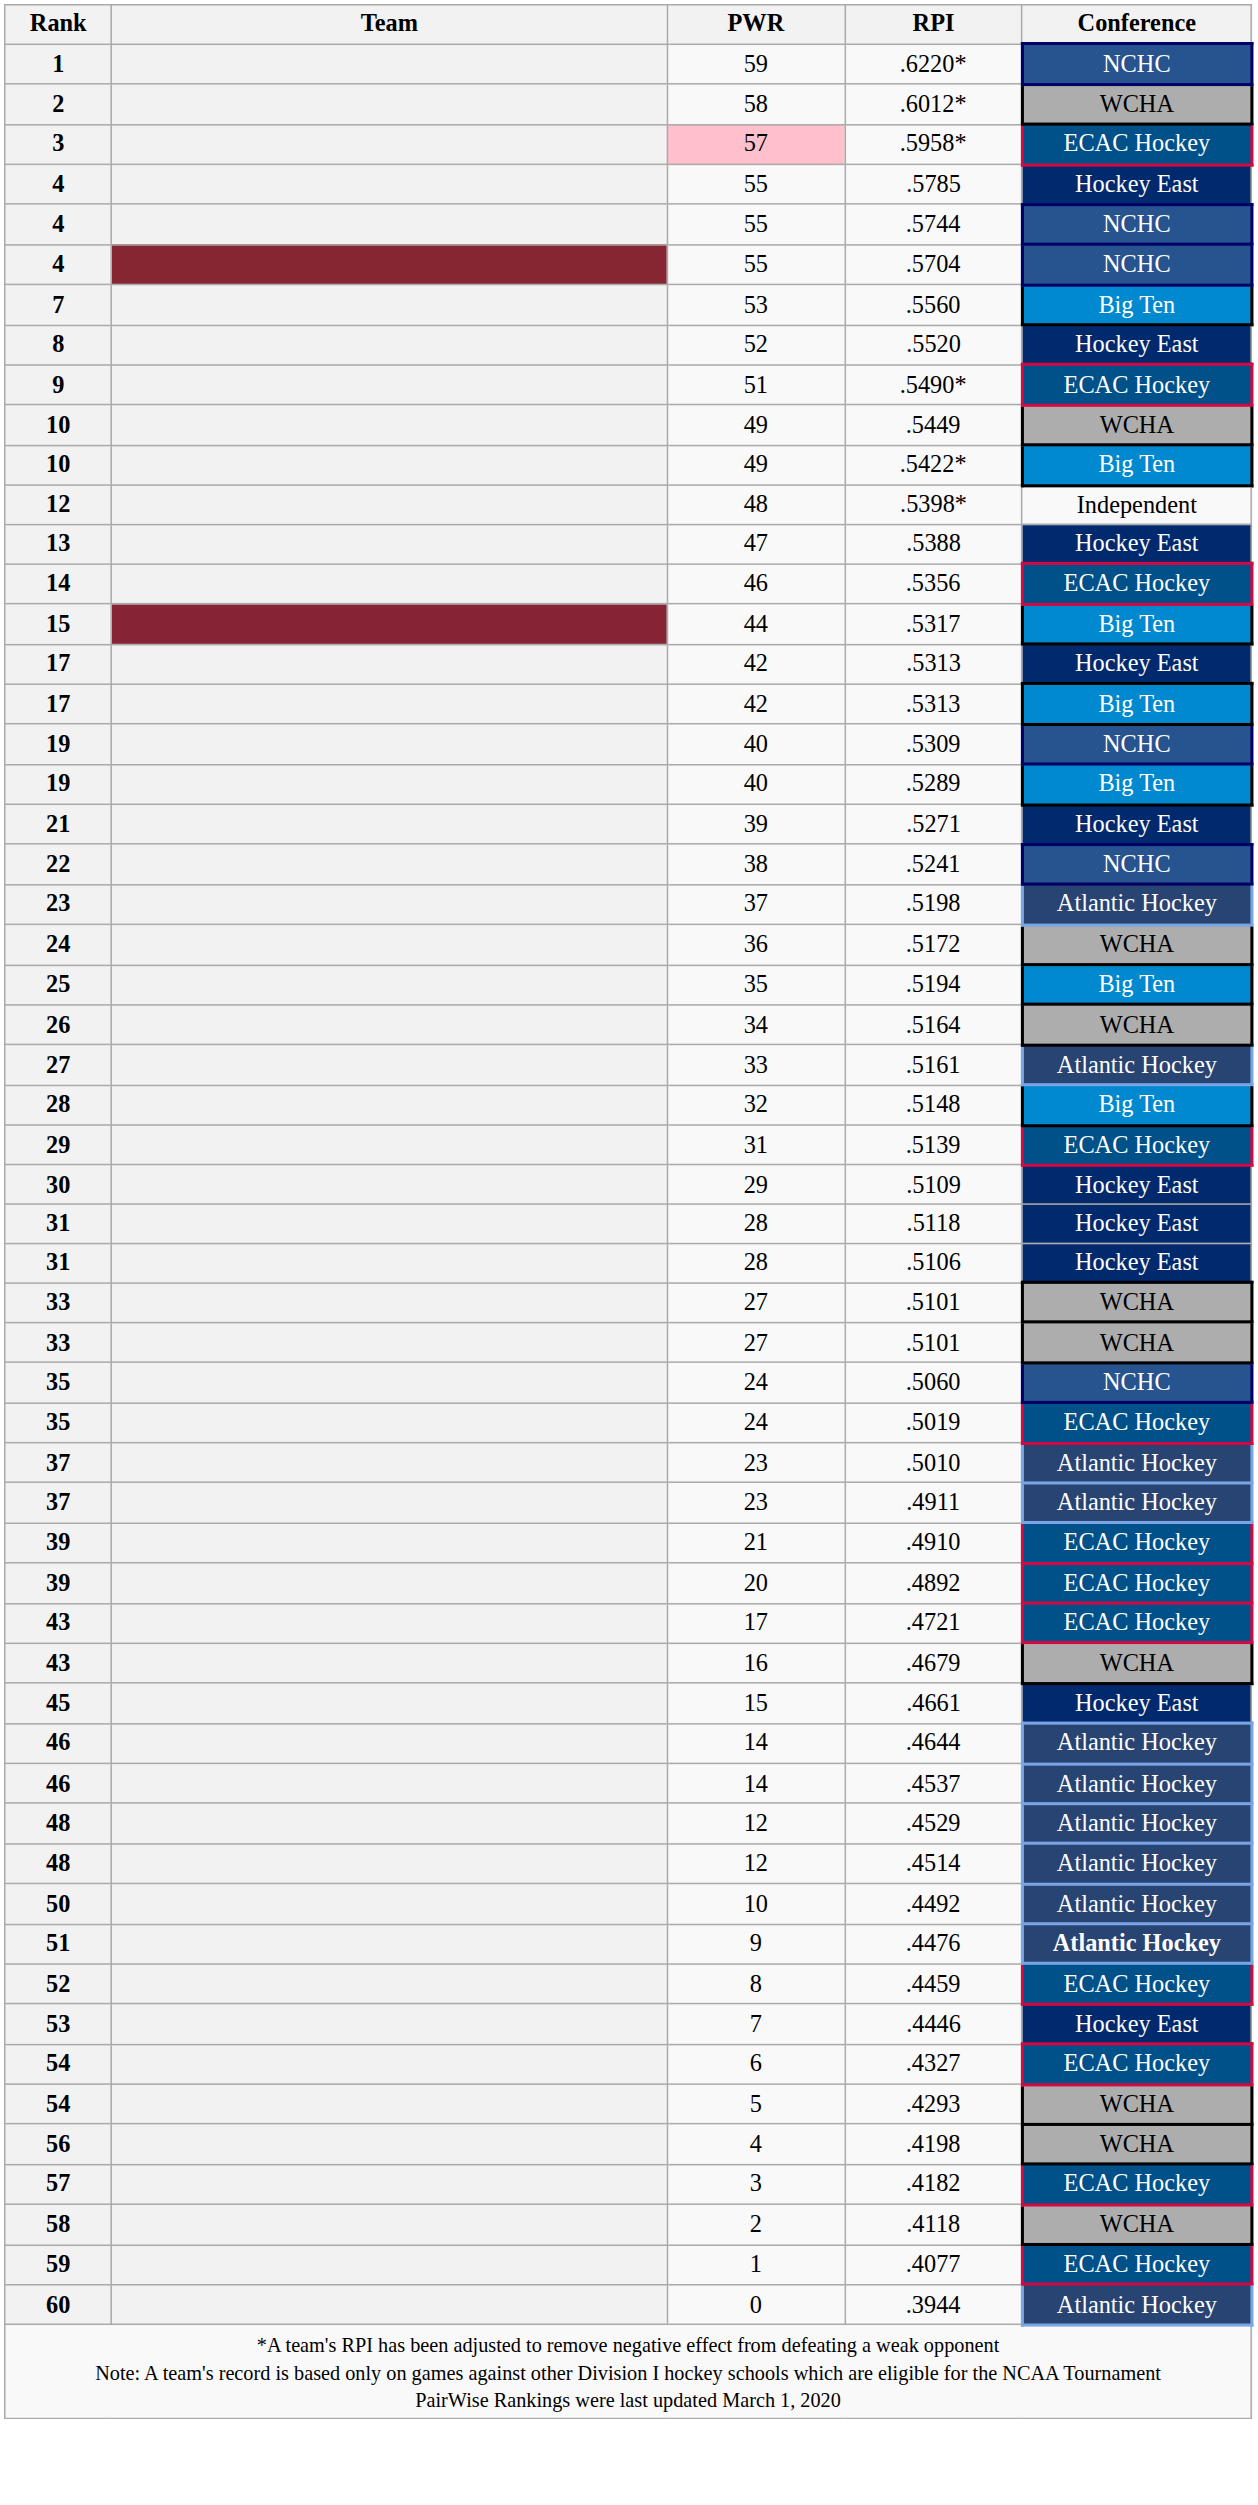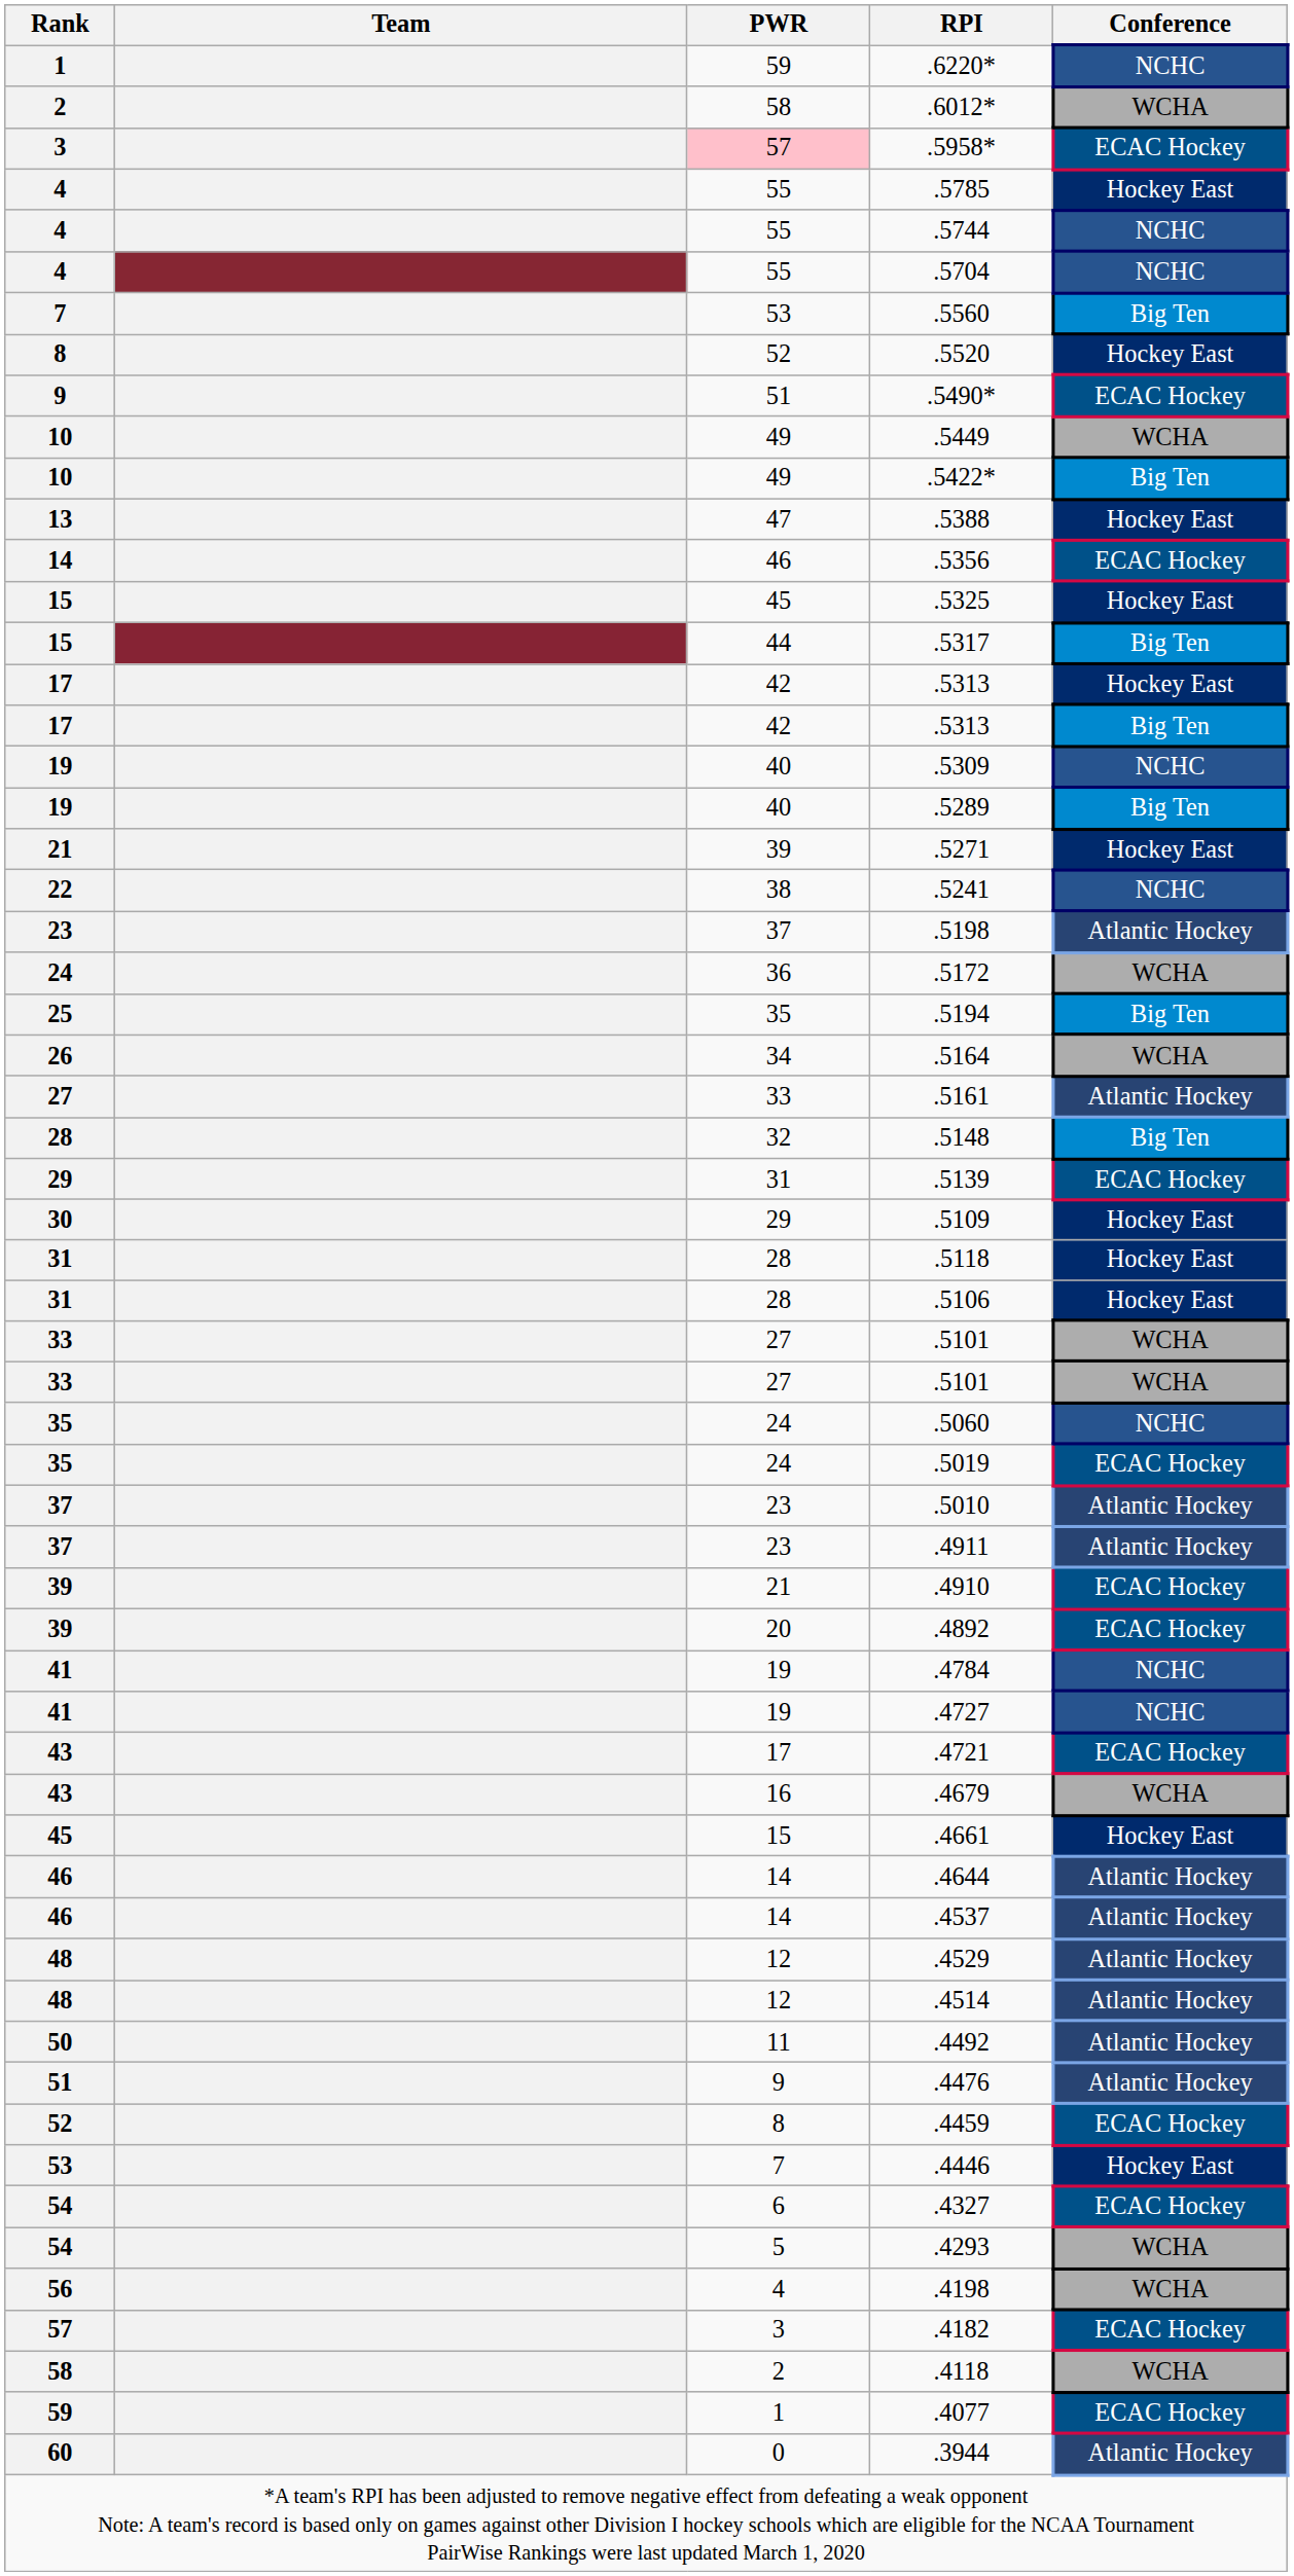 <table class="wikitable sortable" style="text-align: center;" width=65%>
 <tr>
 <th ! width="4%">Rank</th>
 <th ! width="25%">Team</th>
 <th ! width="8%">PWR</th>
 <th ! width="8%">RPI</th>
 <th ! width="10%">Conference</th>
 </tr>
 <tr>
 <th>1</th>
 <th align=center><strong><a href='#'></a></strong></th>
 <td>59</td>
 <td>.6220*</td>
 <td style="background:#27548F; color:#FFFFFF; border: 2px solid #000066">NCHC</td>
 </tr>
 <tr>
 <th>2</th>
 <th align=center><strong><a href='#'></a></strong></th>
 <td>58</td>
 <td>.6012*</td>
 <td style="background:#ADADAD; color:#000000; border: 2px solid #000000">WCHA</td>
 </tr>
 <tr>
 <th>3</th>
 <th align=center><strong><a href='#'></a></strong></th>
 <td style="background: pink;">57</td>
 <td>.5958*</td>
 <td style="background:#005189; color:#FFFFFF; border: 2px solid #D40843">ECAC Hockey</td>
 </tr>
 <tr>
 <th>4</th>
 <th align=center><strong><a href='#'></a></strong></th>
 <td>55</td>
 <td>.5785</td>
 <td style="background:#002A6D; color:#FFFFFF">Hockey East</td>
 </tr>
 <tr>
 <th>4</th>
 <th align=center><strong><a href='#'></a></strong></th>
 <td>55</td>
 <td>.5744</td>
 <td style="background:#27548F; color:#FFFFFF; border: 2px solid #000066">NCHC</td>
 </tr>
 <tr>
 <th>4</th>
 <th align=center style="color:white; background:#862633; "><strong><a href='#'></a></strong></th>
 <td>55</td>
 <td>.5704</td>
 <td style="background:#27548F; color:#FFFFFF; border: 2px solid #000066">NCHC</td>
 </tr>
 <tr>
 <th>7</th>
 <th align=center><strong><a href='#'></a></strong></th>
 <td>53</td>
 <td>.5560</td>
 <td style="background:#0089CF; color:#FFFFFF; border: 2px solid #000000">Big Ten</td>
 </tr>
 <tr>
 <th>8</th>
 <th align=center><strong><a href='#'></a></strong></th>
 <td>52</td>
 <td>.5520</td>
 <td style="background:#002A6D; color:#FFFFFF">Hockey East</td>
 </tr>
 <tr>
 <th>9</th>
 <th align=center><strong><a href='#'></a></strong></th>
 <td>51</td>
 <td>.5490*</td>
 <td style="background:#005189; color:#FFFFFF; border: 2px solid #D40843">ECAC Hockey</td>
 </tr>
 <tr>
 <th>10</th>
 <th align=center><strong><a href='#'></a></strong></th>
 <td>49</td>
 <td>.5449</td>
 <td style="background:#ADADAD; color:#000000; border: 2px solid #000000">WCHA</td>
 </tr>
 <tr>
 <th>10</th>
 <th align=center><strong><a href='#'></a></strong></th>
 <td>49</td>
 <td>.5422*</td>
 <td style="background:#0089CF; color:#FFFFFF; border: 2px solid #000000">Big Ten</td>
 </tr>
 <tr>
-<th>12</th>
-<th align=center><strong><a href='#'></a></strong></th>
-<td>48</td>
-<td>.5398*</td>
-<td>Independent</td>
-</tr>
-<tr>
 <th>13</th>
 <th align=center><strong><a href='#'></a></strong></th>
 <td>47</td>
 <td>.5388</td>
 <td style="background:#002A6D; color:#FFFFFF">Hockey East</td>
 </tr>
 <tr>
 <th>14</th>
 <th align=center><strong><a href='#'></a></strong></th>
 <td>46</td>
 <td>.5356</td>
 <td style="background:#005189; color:#FFFFFF; border: 2px solid #D40843">ECAC Hockey</td>
+</tr>
+<tr>
+<th>15</th>
+<th align=center><strong><a href='#'></a></strong></th>
+<td>45</td>
+<td>.5325</td>
+<td style="background:#002A6D; color:#FFFFFF">Hockey East</td>
 </tr>
 <tr>
 <th>15</th>
 <th align=center style="color:white; background:#862334; "><strong><a href='#'></a></strong></th>
 <td>44</td>
 <td>.5317</td>
 <td style="background:#0089CF; color:#FFFFFF; border: 2px solid #000000">Big Ten</td>
 </tr>
 <tr>
 <th>17</th>
 <th align=center><strong><a href='#'></a></strong></th>
 <td>42</td>
 <td>.5313</td>
 <td style="background:#002A6D; color:#FFFFFF">Hockey East</td>
 </tr>
 <tr>
 <th>17</th>
 <th align=center><strong><a href='#'></a></strong></th>
 <td>42</td>
 <td>.5313</td>
 <td style="background:#0089CF; color:#FFFFFF; border: 2px solid #000000">Big Ten</td>
 </tr>
 <tr>
 <th>19</th>
 <th align=center><strong><a href='#'></a></strong></th>
 <td>40</td>
 <td>.5309</td>
 <td style="background:#27548F; color:#FFFFFF; border: 2px solid #000066">NCHC</td>
 </tr>
 <tr>
 <th>19</th>
 <th align=center><strong><a href='#'></a></strong></th>
 <td>40</td>
 <td>.5289</td>
 <td style="background:#0089CF; color:#FFFFFF; border: 2px solid #000000">Big Ten</td>
 </tr>
 <tr>
 <th>21</th>
 <th align=center><strong><a href='#'></a></strong></th>
 <td>39</td>
 <td>.5271</td>
 <td style="background:#002A6D; color:#FFFFFF">Hockey East</td>
 </tr>
 <tr>
 <th>22</th>
 <th align=center><strong><a href='#'></a></strong></th>
 <td>38</td>
 <td>.5241</td>
 <td style="background:#27548F; color:#FFFFFF; border: 2px solid #000066">NCHC</td>
 </tr>
 <tr>
 <th>23</th>
 <th align=center><strong><a href='#'></a></strong></th>
 <td>37</td>
 <td>.5198</td>
 <td style="background:#284473; color:#FFFFFF; border: 2px solid #7AA5E5">Atlantic Hockey</td>
 </tr>
 <tr>
 <th>24</th>
 <th align=center><strong><a href='#'></a></strong></th>
 <td>36</td>
 <td>.5172</td>
 <td style="background:#ADADAD; color:#000000; border: 2px solid #000000">WCHA</td>
 </tr>
 <tr>
 <th>25</th>
 <th align=center><strong><a href='#'></a></strong></th>
 <td>35</td>
 <td>.5194</td>
 <td style="background:#0089CF; color:#FFFFFF; border: 2px solid #000000">Big Ten</td>
 </tr>
 <tr>
 <th>26</th>
 <th align=center><strong><a href='#'></a></strong></th>
 <td>34</td>
 <td>.5164</td>
 <td style="background:#ADADAD; color:#000000; border: 2px solid #000000">WCHA</td>
 </tr>
 <tr>
 <th>27</th>
 <th align=center><strong><a href='#'></a></strong></th>
 <td>33</td>
 <td>.5161</td>
 <td style="background:#284473; color:#FFFFFF; border: 2px solid #7AA5E5">Atlantic Hockey</td>
 </tr>
 <tr>
 <th>28</th>
 <th align=center><strong><a href='#'></a></strong></th>
 <td>32</td>
 <td>.5148</td>
 <td style="background:#0089CF; color:#FFFFFF; border: 2px solid #000000">Big Ten</td>
 </tr>
 <tr>
 <th>29</th>
 <th align=center><strong><a href='#'></a></strong></th>
 <td>31</td>
 <td>.5139</td>
 <td style="background:#005189; color:#FFFFFF; border: 2px solid #D40843">ECAC Hockey</td>
 </tr>
 <tr>
 <th>30</th>
 <th align=center><strong><a href='#'></a></strong></th>
 <td>29</td>
 <td>.5109</td>
 <td style="background:#002A6D; color:#FFFFFF">Hockey East</td>
 </tr>
 <tr>
 <th>31</th>
 <th align=center><strong><a href='#'></a></strong></th>
 <td>28</td>
 <td>.5118</td>
 <td style="background:#002A6D; color:#FFFFFF">Hockey East</td>
 </tr>
 <tr>
 <th>31</th>
 <th align=center><strong><a href='#'></a></strong></th>
 <td>28</td>
 <td>.5106</td>
 <td style="background:#002A6D; color:#FFFFFF">Hockey East</td>
 </tr>
 <tr>
 <th>33</th>
 <th align=center><strong><a href='#'></a></strong></th>
 <td>27</td>
 <td>.5101</td>
 <td style="background:#ADADAD; color:#000000; border: 2px solid #000000">WCHA</td>
 </tr>
 <tr>
 <th>33</th>
 <th align=center><strong><a href='#'></a></strong></th>
 <td>27</td>
 <td>.5101</td>
 <td style="background:#ADADAD; color:#000000; border: 2px solid #000000">WCHA</td>
 </tr>
 <tr>
 <th>35</th>
 <th align=center><strong><a href='#'></a></strong></th>
 <td>24</td>
 <td>.5060</td>
 <td style="background:#27548F; color:#FFFFFF; border: 2px solid #000066">NCHC</td>
 </tr>
 <tr>
 <th>35</th>
 <th align=center><strong><a href='#'></a></strong></th>
 <td>24</td>
 <td>.5019</td>
 <td style="background:#005189; color:#FFFFFF; border: 2px solid #D40843">ECAC Hockey</td>
 </tr>
 <tr>
 <th>37</th>
 <th align=center><strong><a href='#'></a></strong></th>
 <td>23</td>
 <td>.5010</td>
 <td style="background:#284473; color:#FFFFFF; border: 2px solid #7AA5E5">Atlantic Hockey</td>
 </tr>
 <tr>
 <th>37</th>
 <th align=center><strong><a href='#'></a></strong></th>
 <td>23</td>
 <td>.4911</td>
 <td style="background:#284473; color:#FFFFFF; border: 2px solid #7AA5E5">Atlantic Hockey</td>
 </tr>
 <tr>
 <th>39</th>
 <th align=center><strong><a href='#'></a></strong></th>
 <td>21</td>
 <td>.4910</td>
 <td style="background:#005189; color:#FFFFFF; border: 2px solid #D40843">ECAC Hockey</td>
 </tr>
 <tr>
 <th>39</th>
 <th align=center><strong><a href='#'></a></strong></th>
 <td>20</td>
 <td>.4892</td>
 <td style="background:#005189; color:#FFFFFF; border: 2px solid #D40843">ECAC Hockey</td>
 </tr>
 <tr>
+<th>41</th>
+<th align=center><strong><a href='#'></a></strong></th>
+<td>19</td>
+<td>.4784</td>
+<td style="background:#27548F; color:#FFFFFF; border: 2px solid #000066">NCHC</td>
+</tr>
+<tr>
+<th>41</th>
+<th align=center><strong><a href='#'></a></strong></th>
+<td>19</td>
+<td>.4727</td>
+<td style="background:#27548F; color:#FFFFFF; border: 2px solid #000066">NCHC</td>
+</tr>
+<tr>
 <th>43</th>
 <th align=center><strong><a href='#'></a></strong></th>
 <td>17</td>
 <td>.4721</td>
 <td style="background:#005189; color:#FFFFFF; border: 2px solid #D40843">ECAC Hockey</td>
 </tr>
 <tr>
 <th>43</th>
 <th align=center><strong><a href='#'></a></strong></th>
 <td>16</td>
 <td>.4679</td>
 <td style="background:#ADADAD; color:#000000; border: 2px solid #000000">WCHA</td>
 </tr>
 <tr>
 <th>45</th>
 <th align=center><strong><a href='#'></a></strong></th>
 <td>15</td>
 <td>.4661</td>
 <td style="background:#002A6D; color:#FFFFFF">Hockey East</td>
 </tr>
 <tr>
 <th>46</th>
 <th align=center><strong><a href='#'></a></strong></th>
 <td>14</td>
 <td>.4644</td>
 <td style="background:#284473; color:#FFFFFF; border: 2px solid #7AA5E5">Atlantic Hockey</td>
 </tr>
 <tr>
 <th>46</th>
 <th align=center><strong><a href='#'></a></strong></th>
 <td>14</td>
 <td>.4537</td>
 <td style="background:#284473; color:#FFFFFF; border: 2px solid #7AA5E5">Atlantic Hockey</td>
 </tr>
 <tr>
 <th>48</th>
 <th align=center><strong><a href='#'></a></strong></th>
 <td>12</td>
 <td>.4529</td>
 <td style="background:#284473; color:#FFFFFF; border: 2px solid #7AA5E5">Atlantic Hockey</td>
 </tr>
 <tr>
 <th>48</th>
 <th align=center><strong><a href='#'></a></strong></th>
 <td>12</td>
 <td>.4514</td>
 <td style="background:#284473; color:#FFFFFF; border: 2px solid #7AA5E5">Atlantic Hockey</td>
 </tr>
 <tr>
 <th>50</th>
 <th align=center><strong><a href='#'></a></strong></th>
-<td>10</td>
+<td>11</td>
 <td>.4492</td>
 <td style="background:#284473; color:#FFFFFF; border: 2px solid #7AA5E5">Atlantic Hockey</td>
 </tr>
 <tr>
 <th>51</th>
 <th align=center><strong><a href='#'></a></strong></th>
 <td>9</td>
 <td>.4476</td>
-<td style="background:#284473; color:#FFFFFF; border: 2px solid #7AA5E5"><strong>Atlantic Hockey</strong></td>
+<td style="background:#284473; color:#FFFFFF; border: 2px solid #7AA5E5">Atlantic Hockey</td>
 </tr>
 <tr>
 <th>52</th>
 <th align=center><strong><a href='#'></a></strong></th>
 <td>8</td>
 <td>.4459</td>
 <td style="background:#005189; color:#FFFFFF; border: 2px solid #D40843">ECAC Hockey</td>
 </tr>
 <tr>
 <th>53</th>
 <th align=center><strong><a href='#'></a></strong></th>
 <td>7</td>
 <td>.4446</td>
 <td style="background:#002A6D; color:#FFFFFF">Hockey East</td>
 </tr>
 <tr>
 <th>54</th>
 <th align=center><strong><a href='#'></a></strong></th>
 <td>6</td>
 <td>.4327</td>
 <td style="background:#005189; color:#FFFFFF; border: 2px solid #D40843">ECAC Hockey</td>
 </tr>
 <tr>
 <th>54</th>
 <th align=center><strong><a href='#'></a></strong></th>
 <td>5</td>
 <td>.4293</td>
 <td style="background:#ADADAD; color:#000000; border: 2px solid #000000">WCHA</td>
 </tr>
 <tr>
 <th>56</th>
 <th align=center><strong><a href='#'></a></strong></th>
 <td>4</td>
 <td>.4198</td>
 <td style="background:#ADADAD; color:#000000; border: 2px solid #000000">WCHA</td>
 </tr>
 <tr>
 <th>57</th>
 <th align=center><strong><a href='#'></a></strong></th>
 <td>3</td>
 <td>.4182</td>
 <td style="background:#005189; color:#FFFFFF; border: 2px solid #D40843">ECAC Hockey</td>
 </tr>
 <tr>
 <th>58</th>
 <th align=center><strong><a href='#'></a></strong></th>
 <td>2</td>
 <td>.4118</td>
 <td style="background:#ADADAD; color:#000000; border: 2px solid #000000">WCHA</td>
 </tr>
 <tr>
 <th>59</th>
 <th align=center><strong><a href='#'></a></strong></th>
 <td>1</td>
 <td>.4077</td>
 <td style="background:#005189; color:#FFFFFF; border: 2px solid #D40843">ECAC Hockey</td>
 </tr>
 <tr>
 <th>60</th>
 <th align=center><strong><a href='#'></a></strong></th>
 <td>0</td>
 <td>.3944</td>
 <td style="background:#284473; color:#FFFFFF; border: 2px solid #7AA5E5">Atlantic Hockey</td>
 </tr>
 <tr class="sortbottom">
 <td colspan=5 style="text-align:center;"><small> *A team's RPI has been adjusted to remove negative effect from defeating a weak opponent <br> Note: A team's record is based only on games against other Division I hockey schools which are eligible for the NCAA Tournament<br> PairWise Rankings were last updated March 1, 2020</small></td>
 </tr>
 </table>
